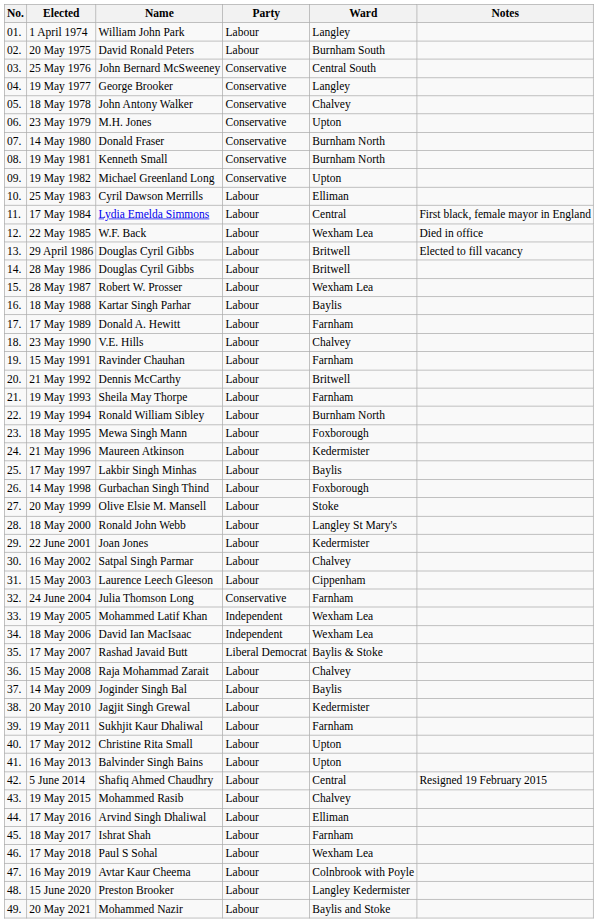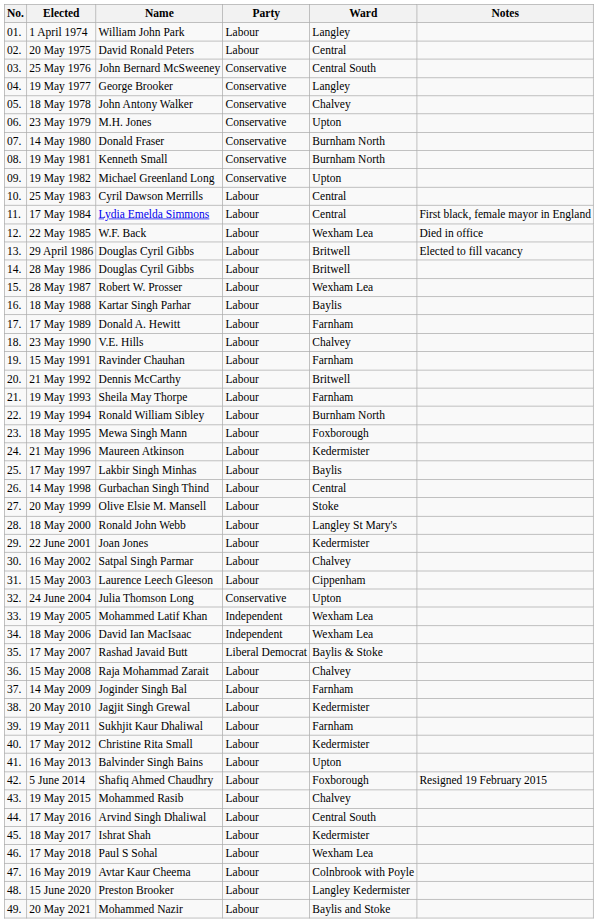 <table class="wikitable">
 <tr>
 <th>No.</th>
 <th>Elected</th>
 <th>Name</th>
 <th>Party</th>
 <th>Ward</th>
 <th>Notes</th>
 </tr>
 <tr>
 <td>01.</td>
 <td>1 April 1974</td>
 <td>William John Park</td>
 <td style="background-color: ">Labour</td>
 <td>Langley</td>
 <td></td>
 </tr>
 <tr>
 <td>02.</td>
 <td>20 May 1975</td>
 <td>David Ronald Peters</td>
 <td style="background-color: ">Labour</td>
-<td>Burnham South</td>
+<td>Central</td>
 <td></td>
 </tr>
 <tr>
 <td>03.</td>
 <td>25 May 1976</td>
 <td>John Bernard McSweeney</td>
 <td style="background-color: ">Conservative</td>
 <td>Central South</td>
 <td></td>
 </tr>
 <tr>
 <td>04.</td>
 <td>19 May 1977</td>
 <td>George Brooker</td>
 <td style="background-color: ">Conservative</td>
 <td>Langley</td>
 <td></td>
 </tr>
 <tr>
 <td>05.</td>
 <td>18 May 1978</td>
 <td>John Antony Walker</td>
 <td style="background-color: ">Conservative</td>
 <td>Chalvey</td>
 <td></td>
 </tr>
 <tr>
 <td>06.</td>
 <td>23 May 1979</td>
 <td>M.H. Jones</td>
 <td style="background-color: ">Conservative</td>
 <td>Upton</td>
 <td></td>
 </tr>
 <tr>
 <td>07.</td>
 <td>14 May 1980</td>
 <td>Donald Fraser</td>
 <td style="background-color: ">Conservative</td>
 <td>Burnham North</td>
 <td></td>
 </tr>
 <tr>
 <td>08.</td>
 <td>19 May 1981</td>
 <td>Kenneth Small</td>
 <td style="background-color: ">Conservative</td>
 <td>Burnham North</td>
 <td></td>
 </tr>
 <tr>
 <td>09.</td>
 <td>19 May 1982</td>
 <td>Michael Greenland Long</td>
 <td style="background-color: ">Conservative</td>
 <td>Upton</td>
 <td></td>
 </tr>
 <tr>
 <td>10.</td>
 <td>25 May 1983</td>
 <td>Cyril Dawson Merrills</td>
 <td style="background-color: ">Labour</td>
-<td>Elliman</td>
+<td>Central</td>
 <td></td>
 </tr>
 <tr>
 <td>11.</td>
 <td>17 May 1984</td>
 <td><a href='#'>Lydia Emelda Simmons</a></td>
 <td style="background-color: ">Labour</td>
 <td>Central</td>
 <td>First black, female mayor in England</td>
 </tr>
 <tr>
 <td>12.</td>
 <td>22 May 1985</td>
 <td>W.F. Back</td>
 <td style="background-color: ">Labour</td>
 <td>Wexham Lea</td>
 <td>Died in office</td>
 </tr>
 <tr>
 <td>13.</td>
 <td>29 April 1986</td>
 <td>Douglas Cyril Gibbs</td>
 <td style="background-color: ">Labour</td>
 <td>Britwell</td>
 <td>Elected to fill vacancy</td>
 </tr>
 <tr>
 <td>14.</td>
 <td>28 May 1986</td>
 <td>Douglas Cyril Gibbs</td>
 <td style="background-color: ">Labour</td>
 <td>Britwell</td>
 <td></td>
 </tr>
 <tr>
 <td>15.</td>
 <td>28 May 1987</td>
 <td>Robert W. Prosser</td>
 <td style="background-color: ">Labour</td>
 <td>Wexham Lea</td>
 <td></td>
 </tr>
 <tr>
 <td>16.</td>
 <td>18 May 1988</td>
 <td>Kartar Singh Parhar</td>
 <td style="background-color: ">Labour</td>
 <td>Baylis</td>
 <td></td>
 </tr>
 <tr>
 <td>17.</td>
 <td>17 May 1989</td>
 <td>Donald A. Hewitt</td>
 <td style="background-color: ">Labour</td>
 <td>Farnham</td>
 <td></td>
 </tr>
 <tr>
 <td>18.</td>
 <td>23 May 1990</td>
 <td>V.E. Hills</td>
 <td style="background-color: ">Labour</td>
 <td>Chalvey</td>
 <td></td>
 </tr>
 <tr>
 <td>19.</td>
 <td>15 May 1991</td>
 <td>Ravinder Chauhan</td>
 <td style="background-color: ">Labour</td>
 <td>Farnham</td>
 <td></td>
 </tr>
 <tr>
 <td>20.</td>
 <td>21 May 1992</td>
 <td>Dennis McCarthy</td>
 <td style="background-color: ">Labour</td>
 <td>Britwell</td>
 <td></td>
 </tr>
 <tr>
 <td>21.</td>
 <td>19 May 1993</td>
 <td>Sheila May Thorpe</td>
 <td style="background-color: ">Labour</td>
 <td>Farnham</td>
 <td></td>
 </tr>
 <tr>
 <td>22.</td>
 <td>19 May 1994</td>
 <td>Ronald William Sibley</td>
 <td style="background-color: ">Labour</td>
 <td>Burnham North</td>
 <td></td>
 </tr>
 <tr>
 <td>23.</td>
 <td>18 May 1995</td>
 <td>Mewa Singh Mann</td>
 <td style="background-color: ">Labour</td>
 <td>Foxborough</td>
 <td></td>
 </tr>
 <tr>
 <td>24.</td>
 <td>21 May 1996</td>
 <td>Maureen Atkinson</td>
 <td style="background-color: ">Labour</td>
 <td>Kedermister</td>
 <td></td>
 </tr>
 <tr>
 <td>25.</td>
 <td>17 May 1997</td>
 <td>Lakbir Singh Minhas</td>
 <td style="background-color: ">Labour</td>
 <td>Baylis</td>
 <td></td>
 </tr>
 <tr>
 <td>26.</td>
 <td>14 May 1998</td>
 <td>Gurbachan Singh Thind</td>
 <td style="background-color: ">Labour</td>
-<td>Foxborough</td>
+<td>Central</td>
 <td></td>
 </tr>
 <tr>
 <td>27.</td>
 <td>20 May 1999</td>
 <td>Olive Elsie M. Mansell</td>
 <td style="background-color: ">Labour</td>
 <td>Stoke</td>
 <td></td>
 </tr>
 <tr>
 <td>28.</td>
 <td>18 May 2000</td>
 <td>Ronald John Webb</td>
 <td style="background-color: ">Labour</td>
 <td>Langley St Mary's</td>
 <td></td>
 </tr>
 <tr>
 <td>29.</td>
 <td>22 June 2001</td>
 <td>Joan Jones</td>
 <td style="background-color: ">Labour</td>
 <td>Kedermister</td>
 <td></td>
 </tr>
 <tr>
 <td>30.</td>
 <td>16 May 2002</td>
 <td>Satpal Singh Parmar</td>
 <td style="background-color: ">Labour</td>
 <td>Chalvey</td>
 <td></td>
 </tr>
 <tr>
 <td>31.</td>
 <td>15 May 2003</td>
 <td>Laurence Leech Gleeson</td>
 <td style="background-color: ">Labour</td>
 <td>Cippenham</td>
 <td></td>
 </tr>
 <tr>
 <td>32.</td>
 <td>24 June 2004</td>
 <td>Julia Thomson Long</td>
 <td style="background-color: ">Conservative</td>
-<td>Farnham</td>
+<td>Upton</td>
 <td></td>
 </tr>
 <tr>
 <td>33.</td>
 <td>19 May 2005</td>
 <td>Mohammed Latif Khan</td>
 <td style="background-color: ">Independent</td>
 <td>Wexham Lea</td>
 <td></td>
 </tr>
 <tr>
 <td>34.</td>
 <td>18 May 2006</td>
 <td>David Ian MacIsaac</td>
 <td style="background-color: ">Independent</td>
 <td>Wexham Lea</td>
 <td></td>
 </tr>
 <tr>
 <td>35.</td>
 <td>17 May 2007</td>
 <td>Rashad Javaid Butt</td>
 <td style="background-color: ">Liberal Democrat</td>
 <td>Baylis & Stoke</td>
 <td></td>
 </tr>
 <tr>
 <td>36.</td>
 <td>15 May 2008</td>
 <td>Raja Mohammad Zarait</td>
 <td style="background-color: ">Labour</td>
 <td>Chalvey</td>
 <td></td>
 </tr>
 <tr>
 <td>37.</td>
 <td>14 May 2009</td>
 <td>Joginder Singh Bal</td>
 <td style="background-color: ">Labour</td>
-<td>Baylis</td>
+<td>Farnham</td>
 <td></td>
 </tr>
 <tr>
 <td>38.</td>
 <td>20 May 2010</td>
 <td>Jagjit Singh Grewal</td>
 <td style="background-color: ">Labour</td>
 <td>Kedermister</td>
 <td></td>
 </tr>
 <tr>
 <td>39.</td>
 <td>19 May 2011</td>
 <td>Sukhjit Kaur Dhaliwal</td>
 <td style="background-color: ">Labour</td>
 <td>Farnham</td>
 <td></td>
 </tr>
 <tr>
 <td>40.</td>
 <td>17 May 2012</td>
 <td>Christine Rita Small</td>
 <td style="background-color: ">Labour</td>
-<td>Upton</td>
+<td>Kedermister</td>
 <td></td>
 </tr>
 <tr>
 <td>41.</td>
 <td>16 May 2013</td>
 <td>Balvinder Singh Bains</td>
 <td style="background-color: ">Labour</td>
 <td>Upton</td>
 <td></td>
 </tr>
 <tr>
 <td>42.</td>
 <td>5 June 2014</td>
 <td>Shafiq Ahmed Chaudhry</td>
 <td style="background-color: ">Labour</td>
-<td>Central</td>
+<td>Foxborough</td>
 <td>Resigned 19 February 2015<br></td>
 </tr>
 <tr>
 <td>43.</td>
 <td>19 May 2015</td>
 <td>Mohammed Rasib</td>
 <td style="background-color: ">Labour</td>
 <td>Chalvey</td>
 <td></td>
 </tr>
 <tr>
 <td>44.</td>
 <td>17 May 2016</td>
 <td>Arvind Singh Dhaliwal</td>
 <td style="background-color: ">Labour</td>
-<td>Elliman</td>
+<td>Central South</td>
 <td></td>
 </tr>
 <tr>
 <td>45.</td>
 <td>18 May 2017</td>
 <td>Ishrat Shah</td>
 <td style="background-color: ">Labour</td>
-<td>Farnham</td>
+<td>Kedermister</td>
 <td></td>
 </tr>
 <tr>
 <td>46.</td>
 <td>17 May 2018</td>
 <td>Paul S Sohal</td>
 <td style="background-color: ">Labour</td>
 <td>Wexham Lea</td>
 <td></td>
 </tr>
 <tr>
 <td>47.</td>
 <td>16 May 2019</td>
 <td>Avtar Kaur Cheema</td>
 <td style="background-color: ">Labour</td>
 <td>Colnbrook with Poyle</td>
 <td></td>
 </tr>
 <tr>
 <td>48.</td>
 <td>15 June 2020</td>
 <td>Preston Brooker</td>
 <td style="background-color: ">Labour</td>
 <td>Langley Kedermister</td>
 <td></td>
 </tr>
 <tr>
 <td>49.</td>
 <td>20 May 2021</td>
 <td>Mohammed Nazir</td>
 <td style="background-color: ">Labour</td>
 <td>Baylis and Stoke</td>
 <td></td>
 </tr>
 </table>
